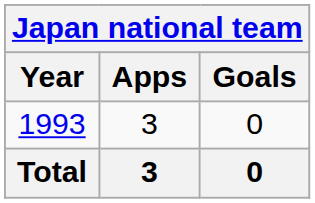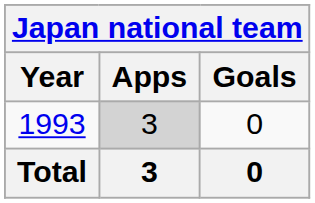 <table class="wikitable" style="text-align:center">
 <tr>
 <th colspan=3><a href='#'>Japan national team</a></th>
 </tr>
 <tr>
 <th>Year</th>
 <th>Apps</th>
 <th>Goals</th>
 </tr>
 <tr>
 <td><a href='#'>1993</a></td>
-<td>3</td>
+<td style="background: lightgrey;">3</td>
 <td>0</td>
 </tr>
 <tr>
 <th>Total</th>
 <th>3</th>
 <th>0</th>
 </tr>
 </table>
